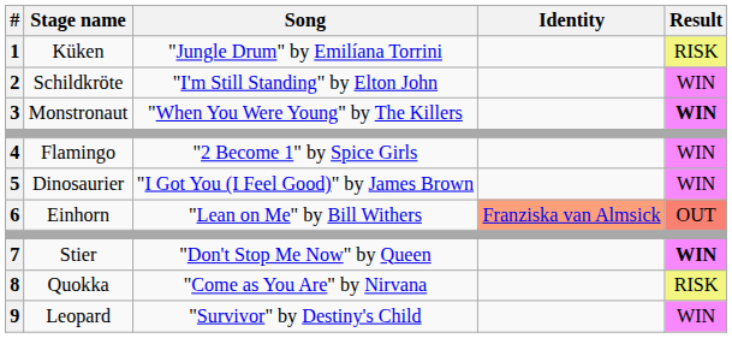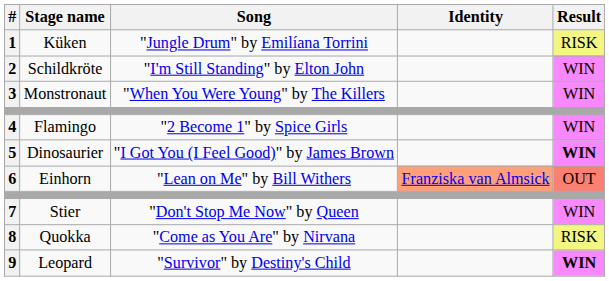 <table class="wikitable plainrowheaders" style="text-align: center;">
 <tr>
 <th>#</th>
 <th>Stage name</th>
 <th>Song</th>
 <th>Identity</th>
 <th>Result</th>
 </tr>
 <tr>
 <th>1</th>
 <td>Küken</td>
 <td>"<a href='#'>Jungle Drum</a>" by <a href='#'>Emilíana Torrini</a></td>
 <td></td>
 <td bgcolor="#F3F781">RISK</td>
 </tr>
 <tr>
 <th>2</th>
 <td>Schildkröte</td>
 <td>"<a href='#'>I'm Still Standing</a>" by <a href='#'>Elton John</a></td>
 <td></td>
 <td bgcolor="F888FD">WIN</td>
 </tr>
 <tr>
 <th>3</th>
 <td>Monstronaut</td>
 <td>"<a href='#'>When You Were Young</a>" by <a href='#'>The Killers</a></td>
 <td></td>
-<td bgcolor="F888FD"><strong>WIN</strong></td>
+<td bgcolor="F888FD">WIN</td>
 </tr>
 <tr>
 <td colspan="5" style="background:darkgray"></td>
 </tr>
 <tr>
 <th>4</th>
 <td>Flamingo</td>
 <td>"<a href='#'>2 Become 1</a>" by <a href='#'>Spice Girls</a></td>
 <td></td>
 <td bgcolor="F888FD">WIN</td>
 </tr>
 <tr>
 <th>5</th>
 <td>Dinosaurier</td>
 <td>"<a href='#'>I Got You (I Feel Good)</a>" by <a href='#'>James Brown</a></td>
 <td></td>
-<td bgcolor="F888FD">WIN</td>
+<td bgcolor="F888FD"><strong>WIN</strong></td>
 </tr>
 <tr>
 <th>6</th>
 <td>Einhorn</td>
 <td>"<a href='#'>Lean on Me</a>" by <a href='#'>Bill Withers</a></td>
 <td style="background: lightsalmon;"><a href='#'>Franziska van Almsick</a></td>
 <td bgcolor=salmon>OUT</td>
 </tr>
 <tr>
 <td colspan="5" style="background:darkgray"></td>
 </tr>
 <tr>
 <th>7</th>
 <td>Stier</td>
 <td>"<a href='#'>Don't Stop Me Now</a>" by <a href='#'>Queen</a></td>
 <td></td>
-<td bgcolor="F888FD"><strong>WIN</strong></td>
+<td bgcolor="F888FD">WIN</td>
 </tr>
 <tr>
 <th>8</th>
 <td>Quokka</td>
 <td>"<a href='#'>Come as You Are</a>" by <a href='#'>Nirvana</a></td>
 <td></td>
 <td bgcolor="#F3F781">RISK</td>
 </tr>
 <tr>
 <th>9</th>
 <td>Leopard</td>
 <td>"<a href='#'>Survivor</a>" by <a href='#'>Destiny's Child</a></td>
 <td></td>
-<td bgcolor="F888FD">WIN</td>
+<td bgcolor="F888FD"><strong>WIN</strong></td>
 </tr>
 </table>
